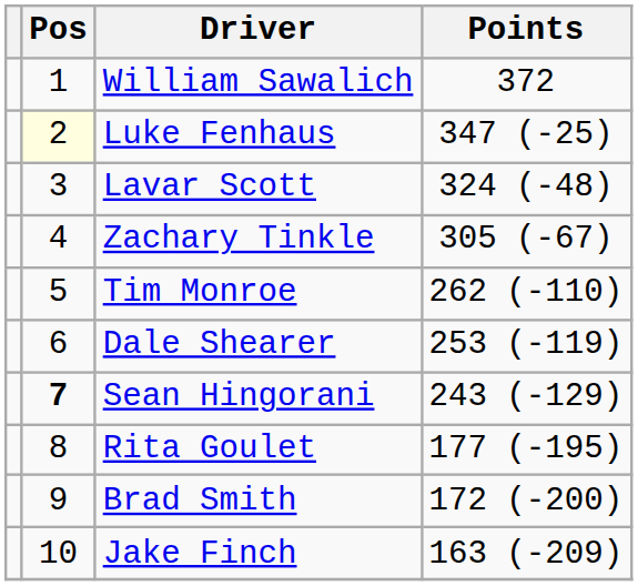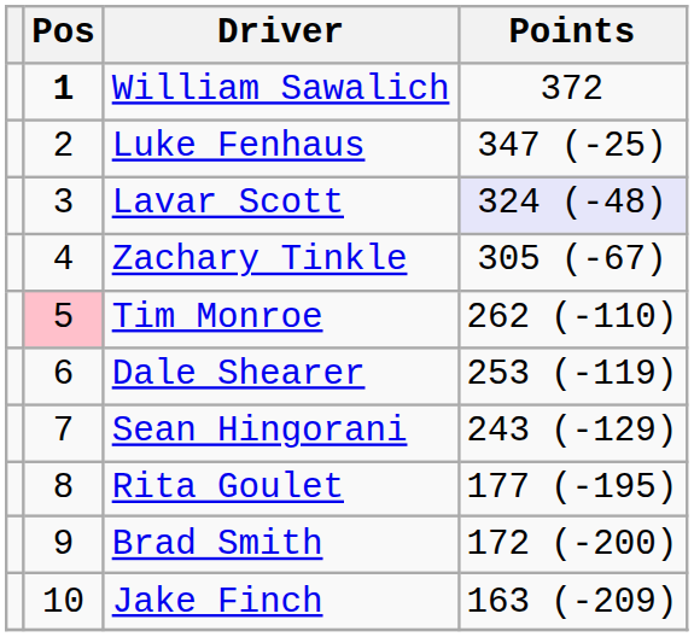 <table class="wikitable" style="font-size: 95%;">
 <tr>
 <th></th>
 <th>Pos</th>
 <th>Driver</th>
 <th>Points</th>
 </tr>
 <tr>
 <td align="left"></td>
-<td style="text-align:center;">1</td>
+<td style="text-align:center;"><strong>1</strong></td>
 <td><a href='#'>William Sawalich</a></td>
 <td style="text-align:center;">372</td>
 </tr>
 <tr>
 <td align="left"></td>
-<td style="background: lightyellow; text-align:center;">2</td>
+<td style="text-align:center;">2</td>
 <td><a href='#'>Luke Fenhaus</a></td>
 <td style="text-align:center;">347 (-25)</td>
 </tr>
 <tr>
 <td align="left"></td>
 <td style="text-align:center;">3</td>
 <td><a href='#'>Lavar Scott</a></td>
-<td style="text-align:center;">324 (-48)</td>
+<td style="background: lavender; text-align:center;">324 (-48)</td>
 </tr>
 <tr>
 <td align="left"></td>
 <td style="text-align:center;">4</td>
 <td><a href='#'>Zachary Tinkle</a></td>
 <td style="text-align:center;">305 (-67)</td>
 </tr>
 <tr>
 <td align="left"></td>
-<td style="text-align:center;">5</td>
+<td style="background: pink; text-align:center;">5</td>
 <td><a href='#'>Tim Monroe</a></td>
 <td style="text-align:center;">262 (-110)</td>
 </tr>
 <tr>
 <td align="left"></td>
 <td style="text-align:center;">6</td>
 <td><a href='#'>Dale Shearer</a></td>
 <td style="text-align:center;">253 (-119)</td>
 </tr>
 <tr>
 <td align="left"></td>
-<td style="text-align:center;"><strong>7</strong></td>
+<td style="text-align:center;">7</td>
 <td><a href='#'>Sean Hingorani</a></td>
 <td style="text-align:center;">243 (-129)</td>
 </tr>
 <tr>
 <td align="left"></td>
 <td style="text-align:center;">8</td>
 <td><a href='#'>Rita Goulet</a></td>
 <td style="text-align:center;">177 (-195)</td>
 </tr>
 <tr>
 <td align="left"></td>
 <td style="text-align:center;">9</td>
 <td><a href='#'>Brad Smith</a></td>
 <td style="text-align:center;">172 (-200)</td>
 </tr>
 <tr>
 <td align="left"></td>
 <td style="text-align:center;">10</td>
 <td><a href='#'>Jake Finch</a></td>
 <td style="text-align:center;">163 (-209)</td>
 </tr>
 <tr class="sortbottom">
 </tr>
 </table>
